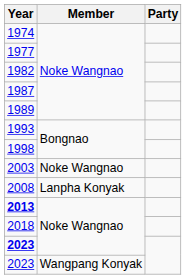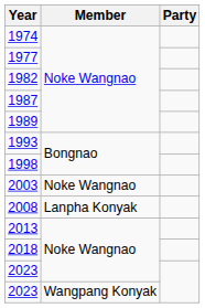 <table class="wikitable sortable">
 <tr>
 <th>Year</th>
 <th>Member</th>
 <th colspan="2">Party</th>
 </tr>
 <tr>
 <td><a href='#'>1974</a></td>
 <td rowspan=5><a href='#'>Noke Wangnao</a></td>
 <td></td>
 </tr>
 <tr>
 <td><a href='#'>1977</a></td>
 </tr>
 <tr>
 <td><a href='#'>1982</a></td>
 <td></td>
 </tr>
 <tr>
 <td><a href='#'>1987</a></td>
 </tr>
 <tr>
 <td><a href='#'>1989</a></td>
 <td></td>
 </tr>
 <tr>
 <td><a href='#'>1993</a></td>
 <td rowspan=2>Bongnao</td>
 <td></td>
 </tr>
 <tr>
 <td><a href='#'>1998</a></td>
 </tr>
 <tr>
 <td><a href='#'>2003</a></td>
 <td>Noke Wangnao</td>
 <td></td>
 </tr>
 <tr>
 <td><a href='#'>2008</a></td>
 <td>Lanpha Konyak</td>
 <td></td>
 </tr>
 <tr>
-<td><strong><a href='#'>2013</a></strong></td>
+<td><a href='#'>2013</a></td>
 <td rowspan=3>Noke Wangnao</td>
 <td></td>
 </tr>
 <tr>
 <td><a href='#'>2018</a></td>
 <td></td>
 </tr>
 <tr>
-<td><strong><a href='#'>2023</a></strong></td>
+<td><a href='#'>2023</a></td>
 </tr>
 <tr>
 <td><a href='#'>2023</a></td>
 <td>Wangpang Konyak</td>
 </tr>
 </table>
